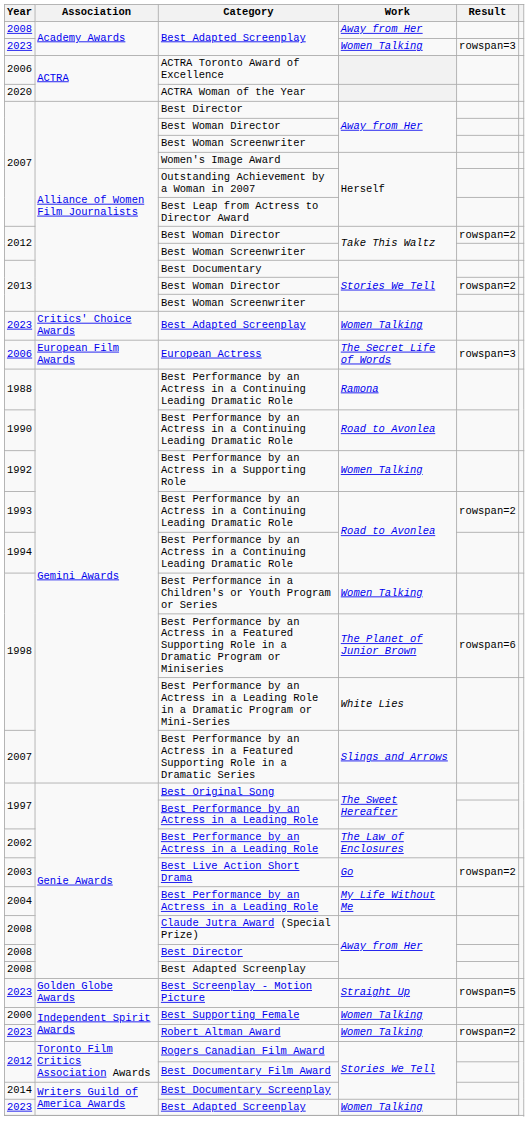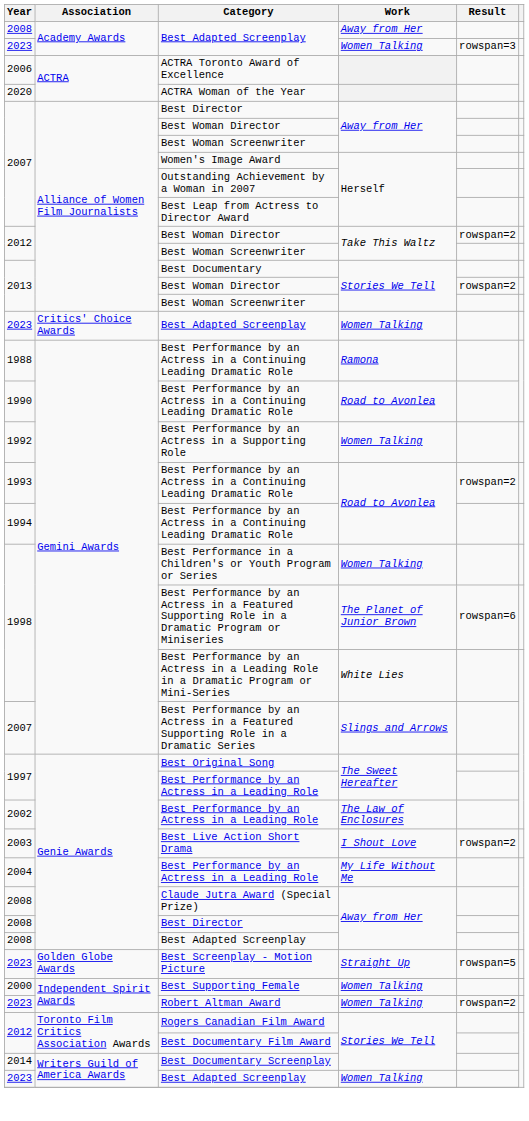 <table class="wikitable sortable" width="98%" style="font-size:95%">
 <tr>
 <th style="width:4%;" scope="col">Year</th>
 <th style="width:26%;" scope="col">Association</th>
 <th style="width:39%;" scope="col">Category</th>
 <th style="width:25%;" scope="col">Work</th>
 <th style="width:3%;" scope="col">Result</th>
 <th scope="col" class="unsortable"></th>
 </tr>
 <tr>
 <td><a href='#'>2008</a></td>
 <td rowspan=2><a href='#'>Academy Awards</a></td>
 <td rowspan=2><a href='#'>Best Adapted Screenplay</a></td>
 <td><em><a href='#'>Away from Her</a></em></td>
 <td></td>
 <td></td>
 </tr>
 <tr>
 <td><a href='#'>2023</a></td>
 <td><em><a href='#'>Women Talking</a></em></td>
 <td>rowspan=3 </td>
 <td></td>
 </tr>
 <tr>
 <td>2006</td>
 <td rowspan=2><a href='#'>ACTRA</a></td>
 <td>ACTRA Toronto Award of Excellence</td>
 <th></th>
 <td></td>
 </tr>
 <tr>
 <td>2020</td>
 <td>ACTRA Woman of the Year</td>
 <th></th>
 <td></td>
 </tr>
 <tr>
 <td rowspan=6>2007</td>
 <td rowspan=11><a href='#'>Alliance of Women Film Journalists</a></td>
 <td>Best Director</td>
 <td rowspan=3><em><a href='#'>Away from Her</a></em></td>
 <td></td>
 <td></td>
 </tr>
 <tr>
 <td>Best Woman Director</td>
 <td></td>
 <td></td>
 </tr>
 <tr>
 <td>Best Woman Screenwriter</td>
 <td></td>
 <td></td>
 </tr>
 <tr>
 <td>Women's Image Award</td>
 <td rowspan=3>Herself</td>
 <td></td>
 <td></td>
 </tr>
 <tr>
 <td>Outstanding Achievement by a Woman in 2007</td>
 <td></td>
 <td></td>
 </tr>
 <tr>
 <td>Best Leap from Actress to Director Award</td>
 <td></td>
 <td></td>
 </tr>
 <tr>
 <td rowspan=2>2012</td>
 <td>Best Woman Director</td>
 <td rowspan=2><em>Take This Waltz</em></td>
 <td>rowspan=2 </td>
 <td></td>
 </tr>
 <tr>
 <td>Best Woman Screenwriter</td>
 <td></td>
 </tr>
 <tr>
 <td rowspan=3>2013</td>
 <td>Best Documentary</td>
 <td rowspan=3><em><a href='#'>Stories We Tell</a></em></td>
 <td></td>
 <td></td>
 </tr>
 <tr>
 <td>Best Woman Director</td>
 <td>rowspan=2 </td>
 <td></td>
 </tr>
 <tr>
 <td>Best Woman Screenwriter</td>
 <td></td>
 </tr>
 <tr>
 <td><a href='#'>2023</a></td>
 <td><a href='#'>Critics' Choice Awards</a></td>
 <td><a href='#'>Best Adapted Screenplay</a></td>
 <td><em><a href='#'>Women Talking</a></em></td>
 <td></td>
 <td></td>
 </tr>
 <tr>
-<td><a href='#'>2006</a></td>
-<td><a href='#'>European Film Awards</a></td>
-<td><a href='#'>European Actress</a></td>
-<td><em><a href='#'>The Secret Life of Words</a></em></td>
-<td>rowspan=3 </td>
-<td></td>
-</tr>
-<tr>
 <td>1988</td>
 <td rowspan=9><a href='#'>Gemini Awards</a></td>
 <td>Best Performance by an Actress in a Continuing Leading Dramatic Role</td>
 <td><em><a href='#'>Ramona</a></em></td>
 <td></td>
 </tr>
 <tr>
 <td>1990</td>
 <td>Best Performance by an Actress in a Continuing Leading Dramatic Role</td>
 <td><em><a href='#'>Road to Avonlea</a></em></td>
 <td></td>
 </tr>
 <tr>
 <td>1992</td>
 <td>Best Performance by an Actress in a Supporting Role</td>
 <td><em><a href='#'>Women Talking</a></em></td>
 <td></td>
 <td></td>
 </tr>
 <tr>
 <td>1993</td>
 <td>Best Performance by an Actress in a Continuing Leading Dramatic Role</td>
 <td rowspan=2><em><a href='#'>Road to Avonlea</a></em></td>
 <td>rowspan=2 </td>
 <td></td>
 </tr>
 <tr>
 <td>1994</td>
 <td>Best Performance by an Actress in a Continuing Leading Dramatic Role</td>
 <td></td>
 </tr>
 <tr>
 <td rowspan=3>1998</td>
 <td>Best Performance in a Children's or Youth Program or Series</td>
 <td><em><a href='#'>Women Talking</a></em></td>
 <td></td>
 <td></td>
 </tr>
 <tr>
 <td>Best Performance by an Actress in a Featured Supporting Role in a Dramatic Program or Miniseries</td>
 <td><em><a href='#'>The Planet of Junior Brown</a></em></td>
 <td>rowspan=6 </td>
 <td></td>
 </tr>
 <tr>
 <td>Best Performance by an Actress in a Leading Role in a Dramatic Program or Mini-Series</td>
 <td><em>White Lies</em></td>
 <td></td>
 </tr>
 <tr>
 <td>2007</td>
 <td>Best Performance by an Actress in a Featured Supporting Role in a Dramatic Series</td>
 <td><em><a href='#'>Slings and Arrows</a></em></td>
 <td></td>
 </tr>
 <tr>
 <td rowspan=2>1997</td>
 <td rowspan=8><a href='#'>Genie Awards</a></td>
 <td><a href='#'>Best Original Song</a></td>
 <td rowspan=2><em><a href='#'>The Sweet Hereafter</a></em></td>
 <td></td>
 </tr>
 <tr>
 <td><a href='#'>Best Performance by an Actress in a Leading Role</a></td>
 <td></td>
 </tr>
 <tr>
 <td>2002</td>
 <td><a href='#'>Best Performance by an Actress in a Leading Role</a></td>
 <td><em><a href='#'>The Law of Enclosures</a></em></td>
 <td></td>
 </tr>
 <tr>
 <td>2003</td>
 <td><a href='#'>Best Live Action Short Drama</a></td>
-<td><em><a href='#'>Go</a></em></td>
+<td><em><a href='#'>I Shout Love</a></em></td>
 <td>rowspan=2 </td>
 <td></td>
 </tr>
 <tr>
 <td>2004</td>
 <td><a href='#'>Best Performance by an Actress in a Leading Role</a></td>
 <td><em><a href='#'>My Life Without Me</a></em></td>
 <td></td>
 </tr>
 <tr>
 <td>2008</td>
 <td><a href='#'>Claude Jutra Award</a> (Special Prize)</td>
 <td rowspan=3><em><a href='#'>Away from Her</a></em></td>
 <td></td>
 </tr>
 <tr>
 <td>2008</td>
 <td><a href='#'>Best Director</a></td>
 <td></td>
 </tr>
 <tr>
 <td>2008</td>
 <td>Best Adapted Screenplay</td>
 <td></td>
 </tr>
 <tr>
 <td><a href='#'>2023</a></td>
 <td><a href='#'>Golden Globe Awards</a></td>
 <td><a href='#'>Best Screenplay - Motion Picture</a></td>
 <td><em><a href='#'>Straight Up</a></em></td>
 <td>rowspan=5 </td>
 <td></td>
 </tr>
 <tr>
 <td>2000</td>
 <td rowspan=2><a href='#'>Independent Spirit Awards</a></td>
 <td><a href='#'>Best Supporting Female</a></td>
 <td><em><a href='#'>Women Talking</a></em></td>
 <td></td>
 </tr>
 <tr>
 <td><a href='#'>2023</a></td>
 <td><a href='#'>Robert Altman Award</a></td>
 <td><em><a href='#'>Women Talking</a></em></td>
 <td>rowspan=2 </td>
 <td></td>
 </tr>
 <tr>
 <td rowspan=2><a href='#'>2012</a></td>
 <td rowspan=2><a href='#'>Toronto Film Critics Association</a> Awards</td>
 <td><a href='#'>Rogers Canadian Film Award</a></td>
 <td rowspan=3><em><a href='#'>Stories We Tell</a></em></td>
 <td></td>
 </tr>
 <tr>
 <td><a href='#'>Best Documentary Film Award</a></td>
 <td></td>
 </tr>
 <tr>
 <td>2014</td>
 <td rowspan=2><a href='#'>Writers Guild of America Awards</a></td>
 <td><a href='#'>Best Documentary Screenplay</a></td>
 <td></td>
 </tr>
 <tr>
 <td><a href='#'>2023</a></td>
 <td><a href='#'>Best Adapted Screenplay</a></td>
 <td><em><a href='#'>Women Talking</a></em></td>
 <td></td>
 </tr>
 <tr>
 </tr>
 </table>
